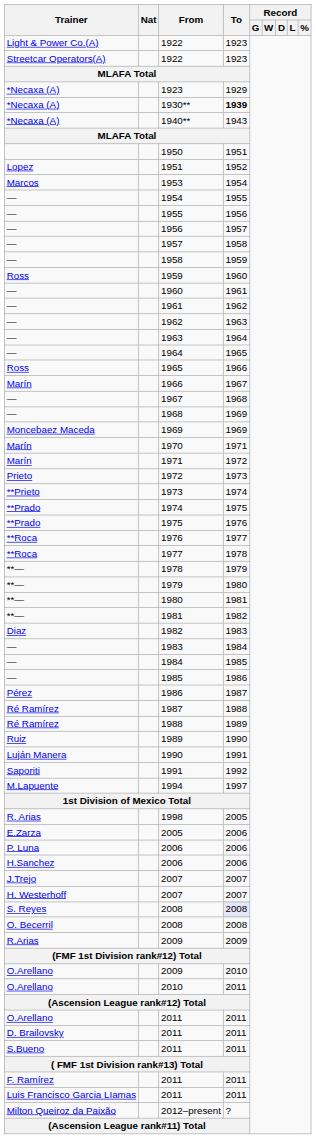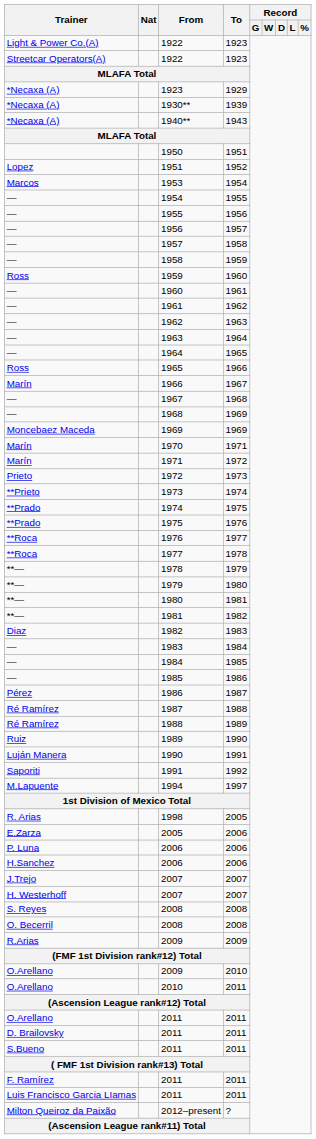 <table class="wikitable" style="font-size:90%; text-align: center;">
 <tr>
 <th rowspan=2>Trainer</th>
 <th rowspan=2>Nat</th>
 <th rowspan=2>From</th>
 <th rowspan=2>To</th>
 <th colspan=5>Record</th>
 </tr>
 <tr>
 <th>G</th>
 <th>W</th>
 <th>D</th>
 <th>L</th>
 <th>%</th>
 </tr>
 <tr>
 <td style="text-align:left"><a href='#'>Light & Power Co.(A)</a></td>
 <td></td>
 <td style="text-align:left">1922</td>
 <td style="text-align:left">1923<br></td>
 </tr>
 <tr>
 <td style="text-align:left"><a href='#'>Streetcar Operators(A)</a></td>
 <td></td>
 <td style="text-align:left">1922</td>
 <td style="text-align:left">1923<br></td>
 </tr>
 <tr>
 <th colspan=4><strong>MLAFA Total</strong><br></th>
 </tr>
 <tr>
 <td style="text-align:left"><a href='#'>*Necaxa (A)</a></td>
 <td></td>
 <td style="text-align:left">1923</td>
 <td style="text-align:left">1929<br></td>
 </tr>
 <tr>
 <td style="text-align:left"><a href='#'>*Necaxa (A)</a></td>
 <td></td>
 <td style="text-align:left">1930**</td>
-<td style="text-align:left"><strong>1939<br></strong></td>
+<td style="text-align:left">1939<br></td>
 </tr>
 <tr>
 <td style="text-align:left"><a href='#'>*Necaxa (A)</a></td>
 <td></td>
 <td style="text-align:left">1940**</td>
 <td style="text-align:left">1943<br></td>
 </tr>
 <tr>
 <th colspan=4><strong>MLAFA Total</strong><br></th>
 </tr>
 <tr>
 <td style="text-align:left"></td>
 <td></td>
 <td style="text-align:left">1950</td>
 <td style="text-align:left">1951<br></td>
 </tr>
 <tr>
 <td style="text-align:left"><a href='#'>Lopez</a></td>
 <td></td>
 <td style="text-align:left">1951</td>
 <td style="text-align:left">1952<br></td>
 </tr>
 <tr>
 <td style="text-align:left"><a href='#'>Marcos</a></td>
 <td></td>
 <td style="text-align:left">1953</td>
 <td style="text-align:left">1954<br></td>
 </tr>
 <tr>
 <td style="text-align:left">—</td>
 <td></td>
 <td style="text-align:left">1954</td>
 <td style="text-align:left">1955<br></td>
 </tr>
 <tr>
 <td style="text-align:left">—</td>
 <td></td>
 <td style="text-align:left">1955</td>
 <td style="text-align:left">1956<br></td>
 </tr>
 <tr>
 <td style="text-align:left">—</td>
 <td></td>
 <td style="text-align:left">1956</td>
 <td style="text-align:left">1957<br></td>
 </tr>
 <tr>
 <td style="text-align:left">—</td>
 <td></td>
 <td style="text-align:left">1957</td>
 <td style="text-align:left">1958<br></td>
 </tr>
 <tr>
 <td style="text-align:left">—</td>
 <td></td>
 <td style="text-align:left">1958</td>
 <td style="text-align:left">1959<br></td>
 </tr>
 <tr>
 <td style="text-align:left"><a href='#'>Ross</a></td>
 <td></td>
 <td style="text-align:left">1959</td>
 <td style="text-align:left">1960<br></td>
 </tr>
 <tr>
 <td style="text-align:left">—</td>
 <td></td>
 <td style="text-align:left">1960</td>
 <td style="text-align:left">1961<br></td>
 </tr>
 <tr>
 <td style="text-align:left">—</td>
 <td></td>
 <td style="text-align:left">1961</td>
 <td style="text-align:left">1962<br></td>
 </tr>
 <tr>
 <td style="text-align:left">—</td>
 <td></td>
 <td style="text-align:left">1962</td>
 <td style="text-align:left">1963<br></td>
 </tr>
 <tr>
 <td style="text-align:left">—</td>
 <td></td>
 <td style="text-align:left">1963</td>
 <td style="text-align:left">1964<br></td>
 </tr>
 <tr>
 <td style="text-align:left">—</td>
 <td></td>
 <td style="text-align:left">1964</td>
 <td style="text-align:left">1965<br></td>
 </tr>
 <tr>
 <td style="text-align:left"><a href='#'>Ross</a></td>
 <td></td>
 <td style="text-align:left">1965</td>
 <td style="text-align:left">1966<br></td>
 </tr>
 <tr>
 <td style="text-align:left"><a href='#'>Marín</a></td>
 <td></td>
 <td style="text-align:left">1966</td>
 <td style="text-align:left">1967<br></td>
 </tr>
 <tr>
 <td style="text-align:left">—</td>
 <td></td>
 <td style="text-align:left">1967</td>
 <td style="text-align:left">1968<br></td>
 </tr>
 <tr>
 <td style="text-align:left">—</td>
 <td></td>
 <td style="text-align:left">1968</td>
 <td style="text-align:left">1969<br></td>
 </tr>
 <tr>
 <td style="text-align:left"><a href='#'>Moncebaez Maceda</a></td>
 <td></td>
 <td style="text-align:left">1969</td>
 <td style="text-align:left">1969<br></td>
 </tr>
 <tr>
 <td style="text-align:left"><a href='#'>Marín</a></td>
 <td></td>
 <td style="text-align:left">1970</td>
 <td style="text-align:left">1971<br></td>
 </tr>
 <tr>
 <td style="text-align:left"><a href='#'>Marín</a></td>
 <td></td>
 <td style="text-align:left">1971</td>
 <td style="text-align:left">1972<br></td>
 </tr>
 <tr>
 <td style="text-align:left"><a href='#'>Prieto</a></td>
 <td></td>
 <td style="text-align:left">1972</td>
 <td style="text-align:left">1973<br></td>
 </tr>
 <tr>
 <td style="text-align:left"><a href='#'>**Prieto</a></td>
 <td></td>
 <td style="text-align:left">1973</td>
 <td style="text-align:left">1974<br></td>
 </tr>
 <tr>
 <td style="text-align:left"><a href='#'>**Prado</a></td>
 <td></td>
 <td style="text-align:left">1974</td>
 <td style="text-align:left">1975<br></td>
 </tr>
 <tr>
 <td style="text-align:left"><a href='#'>**Prado</a></td>
 <td></td>
 <td style="text-align:left">1975</td>
 <td style="text-align:left">1976<br></td>
 </tr>
 <tr>
 <td style="text-align:left"><a href='#'>**Roca</a></td>
 <td></td>
 <td style="text-align:left">1976</td>
 <td style="text-align:left">1977<br></td>
 </tr>
 <tr>
 <td style="text-align:left"><a href='#'>**Roca</a></td>
 <td></td>
 <td style="text-align:left">1977</td>
 <td style="text-align:left">1978<br></td>
 </tr>
 <tr>
 <td style="text-align:left">**—</td>
 <td></td>
 <td style="text-align:left">1978</td>
 <td style="text-align:left">1979<br></td>
 </tr>
 <tr>
 <td style="text-align:left">**—</td>
 <td></td>
 <td style="text-align:left">1979</td>
 <td style="text-align:left">1980<br></td>
 </tr>
 <tr>
 <td style="text-align:left">**—</td>
 <td></td>
 <td style="text-align:left">1980</td>
 <td style="text-align:left">1981<br></td>
 </tr>
 <tr>
 <td style="text-align:left">**—</td>
 <td></td>
 <td style="text-align:left">1981</td>
 <td style="text-align:left">1982<br></td>
 </tr>
 <tr>
 <td style="text-align:left"><a href='#'>Diaz</a></td>
 <td></td>
 <td style="text-align:left">1982</td>
 <td style="text-align:left">1983<br></td>
 </tr>
 <tr>
 <td style="text-align:left">—</td>
 <td></td>
 <td style="text-align:left">1983</td>
 <td style="text-align:left">1984<br></td>
 </tr>
 <tr>
 <td style="text-align:left">—</td>
 <td></td>
 <td style="text-align:left">1984</td>
 <td style="text-align:left">1985<br></td>
 </tr>
 <tr>
 <td style="text-align:left">—</td>
 <td></td>
 <td style="text-align:left">1985</td>
 <td style="text-align:left">1986<br></td>
 </tr>
 <tr>
 <td style="text-align:left"><a href='#'>Pérez</a></td>
 <td></td>
 <td style="text-align:left">1986</td>
 <td style="text-align:left">1987<br></td>
 </tr>
 <tr>
 <td style="text-align:left"><a href='#'>Ré Ramírez</a></td>
 <td></td>
 <td style="text-align:left">1987</td>
 <td style="text-align:left">1988<br></td>
 </tr>
 <tr>
 <td style="text-align:left"><a href='#'>Ré Ramírez</a></td>
 <td></td>
 <td style="text-align:left">1988</td>
 <td style="text-align:left">1989<br></td>
 </tr>
 <tr>
 <td style="text-align:left"><a href='#'>Ruiz</a></td>
 <td></td>
 <td style="text-align:left">1989</td>
 <td style="text-align:left">1990<br></td>
 </tr>
 <tr>
 <td style="text-align:left"><a href='#'>Luján Manera</a></td>
 <td></td>
 <td style="text-align:left">1990</td>
 <td style="text-align:left">1991<br></td>
 </tr>
 <tr>
 <td style="text-align:left"><a href='#'>Saporiti</a></td>
 <td></td>
 <td style="text-align:left">1991</td>
 <td style="text-align:left">1992<br></td>
 </tr>
 <tr>
 <td style="text-align:left"><a href='#'>M.Lapuente</a></td>
 <td></td>
 <td style="text-align:left">1994</td>
 <td style="text-align:left">1997<br></td>
 </tr>
 <tr>
 <th colspan=4><strong> 1st Division of Mexico  Total</strong><br></th>
 </tr>
 <tr>
 <td style="text-align:left"><a href='#'>R. Arias</a></td>
 <td></td>
 <td style="text-align:left">1998</td>
 <td style="text-align:left">2005<br></td>
 </tr>
 <tr>
 <td style="text-align:left"><a href='#'>E.Zarza</a></td>
 <td></td>
 <td style="text-align:left">2005</td>
 <td style="text-align:left">2006<br></td>
 </tr>
 <tr>
 <td style="text-align:left"><a href='#'>P. Luna</a></td>
 <td></td>
 <td style="text-align:left">2006</td>
 <td style="text-align:left">2006<br></td>
 </tr>
 <tr>
 <td style="text-align:left"><a href='#'>H.Sanchez</a></td>
 <td></td>
 <td style="text-align:left">2006</td>
 <td style="text-align:left">2006<br></td>
 </tr>
 <tr>
 <td style="text-align:left"><a href='#'>J.Trejo</a></td>
 <td></td>
 <td style="text-align:left">2007</td>
 <td style="text-align:left">2007<br></td>
 </tr>
 <tr>
 <td style="text-align:left"><a href='#'>H. Westerhoff</a></td>
 <td></td>
 <td style="text-align:left">2007</td>
 <td style="text-align:left">2007<br></td>
 </tr>
 <tr>
 <td style="text-align:left"><a href='#'>S. Reyes</a></td>
 <td></td>
 <td style="text-align:left">2008</td>
-<td style="background: lavender; text-align:left">2008<br></td>
+<td style="text-align:left">2008<br></td>
 </tr>
 <tr>
 <td style="text-align:left"><a href='#'>O. Becerril</a></td>
 <td></td>
 <td style="text-align:left">2008</td>
 <td style="text-align:left">2008<br></td>
 </tr>
 <tr>
 <td style="text-align:left"><a href='#'>R.Arias</a></td>
 <td></td>
 <td style="text-align:left">2009</td>
 <td style="text-align:left">2009<br></td>
 </tr>
 <tr>
 <th colspan=4><strong>(FMF 1st Division rank#12) Total </strong><br></th>
 </tr>
 <tr>
 <td style="text-align:left"><a href='#'>O.Arellano</a></td>
 <td></td>
 <td style="text-align:left">2009</td>
 <td style="text-align:left">2010<br></td>
 </tr>
 <tr>
 <td style="text-align:left"><a href='#'>O.Arellano</a></td>
 <td></td>
 <td style="text-align:left">2010</td>
 <td style="text-align:left">2011<br></td>
 </tr>
 <tr>
 <th colspan=4><strong>(Ascension League rank#12) Total </strong><br></th>
 </tr>
 <tr>
 <td style="text-align:left"><a href='#'>O.Arellano</a></td>
 <td></td>
 <td style="text-align:left">2011</td>
 <td style="text-align:left">2011<br></td>
 </tr>
 <tr>
 <td style="text-align:left"><a href='#'>D. Brailovsky</a></td>
 <td></td>
 <td style="text-align:left">2011</td>
 <td style="text-align:left">2011<br></td>
 </tr>
 <tr>
 <td style="text-align:left"><a href='#'>S.Bueno</a></td>
 <td></td>
 <td style="text-align:left">2011</td>
 <td style="text-align:left">2011<br></td>
 </tr>
 <tr>
 <th colspan=4><strong>( FMF 1st Division rank#13) Total </strong><br></th>
 </tr>
 <tr>
 <td style="text-align:left"><a href='#'>F. Ramírez</a></td>
 <td></td>
 <td style="text-align:left">2011</td>
 <td style="text-align:left">2011<br></td>
 </tr>
 <tr>
 <td style="text-align:left"><a href='#'>Luis Francisco Garcia LIamas</a></td>
 <td></td>
 <td style="text-align:left">2011</td>
 <td style="text-align:left">2011<br></td>
 </tr>
 <tr>
 <td style="text-align:left"><a href='#'>Milton Queiroz da Paixão</a></td>
 <td></td>
 <td style="text-align:left">2012–present</td>
 <td style="text-align:left">?<br></td>
 </tr>
 <tr>
 <th colspan=4><strong>(Ascension League rank#11) Total </strong><br></th>
 </tr>
 </table>
